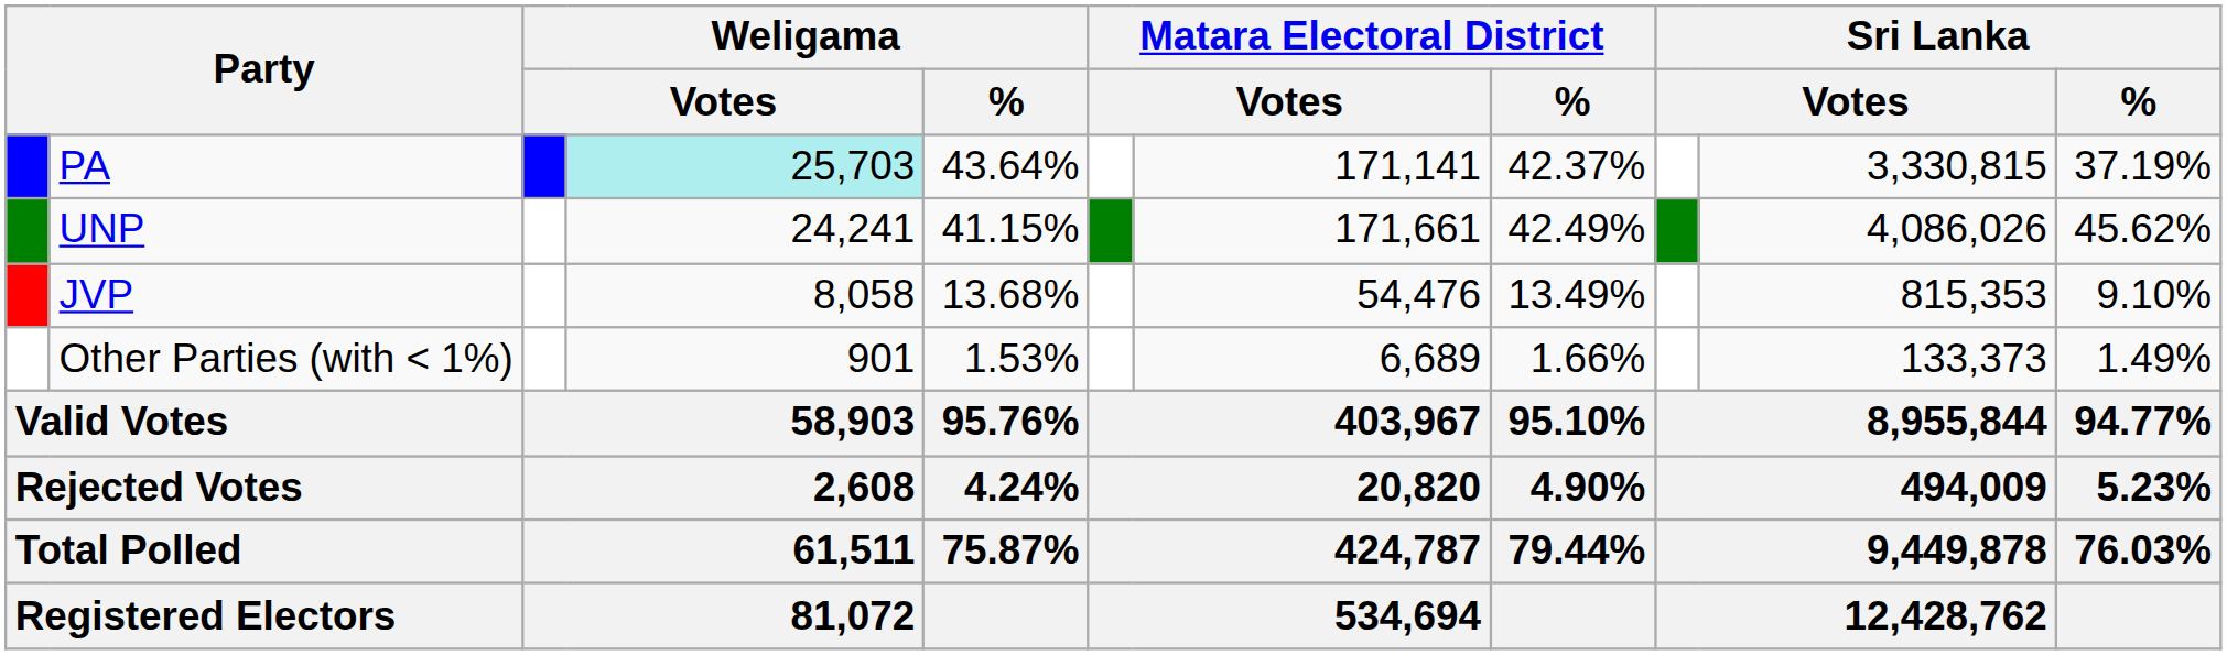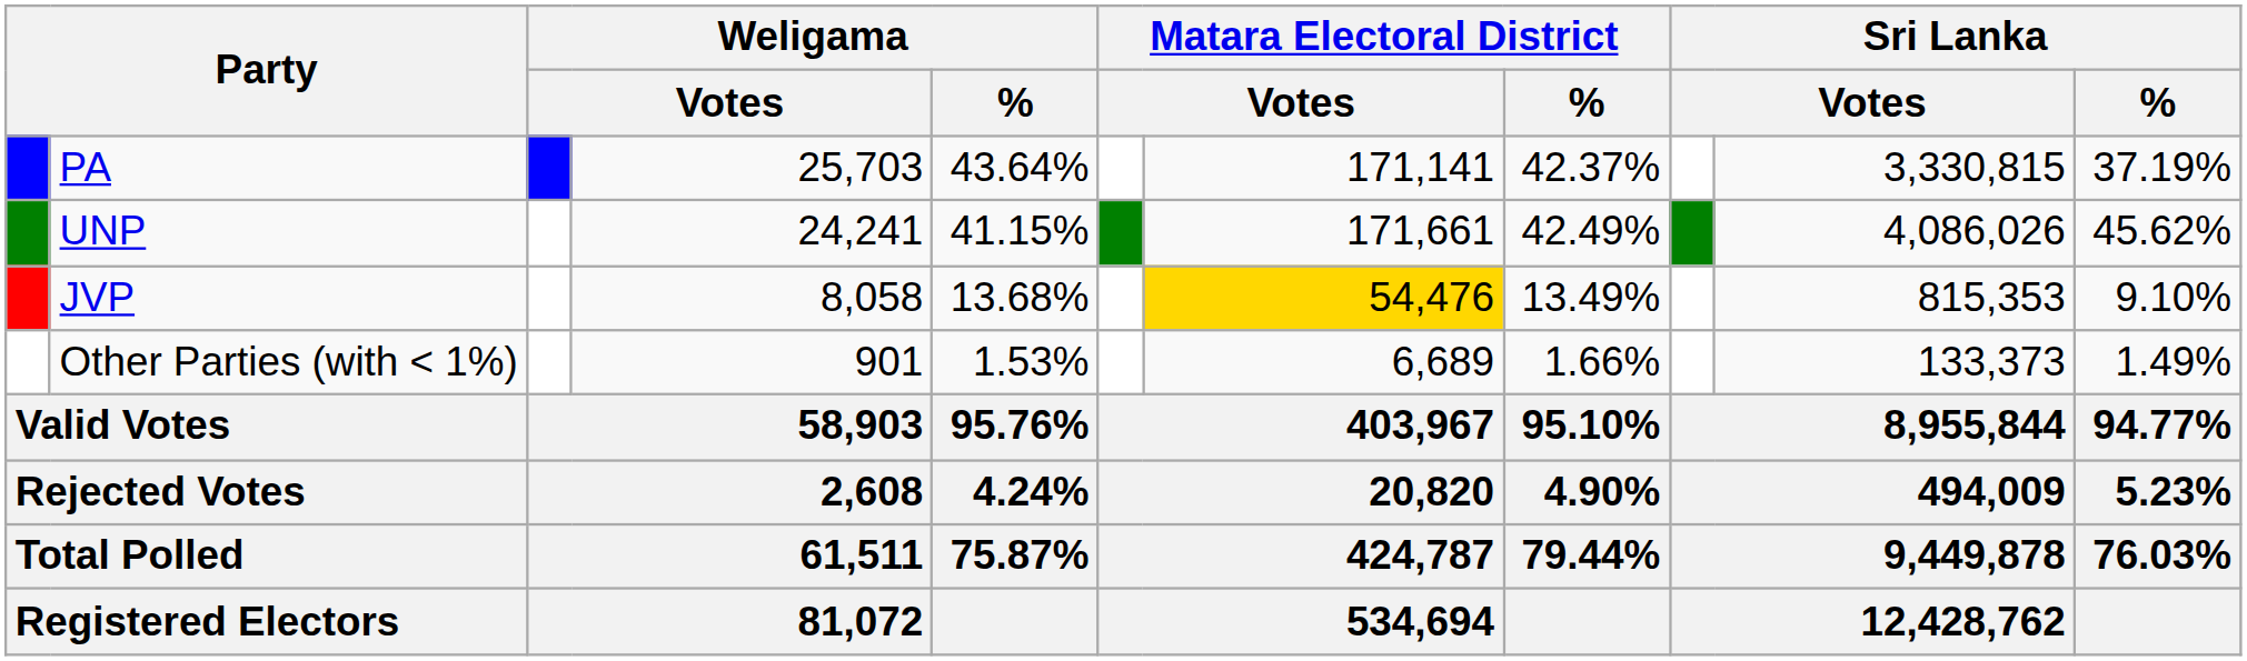 <table class="wikitable">
 <tr>
 <th colspan="2" width="144px"rowspan="2">Party</th>
 <th colspan="3" width="216px">Weligama</th>
 <th colspan="3" width="216px"><a href='#'>Matara Electoral District</a></th>
 <th colspan="3" width="216px">Sri Lanka</th>
 </tr>
 <tr>
 <th colspan="2" width="144px">Votes</th>
 <th>%</th>
 <th colspan="2" width="144px">Votes</th>
 <th>%</th>
 <th colspan="2" width="144px">Votes</th>
 <th>%</th>
 </tr>
 <tr>
 <td style="background-color:blue;" width="10px"></td>
 <td style="text-align:left;"><a href='#'>PA</a></td>
 <td style="background-color:blue;" width="10px"></td>
-<td style="background: paleturquoise; text-align:right;">25,703</td>
+<td style="text-align:right;">25,703</td>
 <td style="text-align:right;">43.64%</td>
 <td style="background-color:white;" width="10px"></td>
 <td style="text-align:right;">171,141</td>
 <td style="text-align:right;">42.37%</td>
 <td style="background-color:white;" width="10px"></td>
 <td style="text-align:right;">3,330,815</td>
 <td style="text-align:right;">37.19%</td>
 </tr>
 <tr>
 <td style="background-color:green;" width="10px"></td>
 <td style="text-align:left;"><a href='#'>UNP</a></td>
 <td style="background-color:white;" width="10px"></td>
 <td style="text-align:right;">24,241</td>
 <td style="text-align:right;">41.15%</td>
 <td style="background-color:green;" width="10px"></td>
 <td style="text-align:right;">171,661</td>
 <td style="text-align:right;">42.49%</td>
 <td style="background-color:green;" width="10px"></td>
 <td style="text-align:right;">4,086,026</td>
 <td style="text-align:right;">45.62%</td>
 </tr>
 <tr>
 <td style="background-color:red;" width="10px"></td>
 <td style="text-align:left;"><a href='#'>JVP</a></td>
 <td style="background-color:white;" width="10px"></td>
 <td style="text-align:right;">8,058</td>
 <td style="text-align:right;">13.68%</td>
 <td style="background-color:white;" width="10px"></td>
-<td style="text-align:right;">54,476</td>
+<td style="background: gold; text-align:right;">54,476</td>
 <td style="text-align:right;">13.49%</td>
 <td style="background-color:white;" width="10px"></td>
 <td style="text-align:right;">815,353</td>
 <td style="text-align:right;">9.10%</td>
 </tr>
 <tr>
 <td style="background-color:white;" width="10px"></td>
 <td style="text-align:left;">Other Parties (with < 1%)</td>
 <td style="background-color:white;" width="10px"></td>
 <td style="text-align:right;">901</td>
 <td style="text-align:right;">1.53%</td>
 <td style="background-color:white;" width="10px"></td>
 <td style="text-align:right;">6,689</td>
 <td style="text-align:right;">1.66%</td>
 <td style="background-color:white;" width="10px"></td>
 <td style="text-align:right;">133,373</td>
 <td style="text-align:right;">1.49%</td>
 </tr>
 <tr>
 <th colspan="2" width="144px"style="text-align:left;">Valid Votes</th>
 <th style="text-align:right;"colspan="2" width="144px">58,903</th>
 <th style="text-align:right;">95.76%</th>
 <th style="text-align:right;"colspan="2" width="144px">403,967</th>
 <th style="text-align:right;">95.10%</th>
 <th style="text-align:right;"colspan="2" width="144px">8,955,844</th>
 <th style="text-align:right;">94.77%</th>
 </tr>
 <tr>
 <th colspan="2" width="144px"style="text-align:left;">Rejected Votes</th>
 <th style="text-align:right;"colspan="2" width="144px">2,608</th>
 <th style="text-align:right;">4.24%</th>
 <th style="text-align:right;"colspan="2" width="144px">20,820</th>
 <th style="text-align:right;">4.90%</th>
 <th style="text-align:right;"colspan="2" width="144px">494,009</th>
 <th style="text-align:right;">5.23%</th>
 </tr>
 <tr>
 <th colspan="2" width="144px"style="text-align:left;">Total Polled</th>
 <th style="text-align:right;"colspan="2" width="144px">61,511</th>
 <th style="text-align:right;">75.87%</th>
 <th style="text-align:right;"colspan="2" width="144px">424,787</th>
 <th style="text-align:right;">79.44%</th>
 <th style="text-align:right;"colspan="2" width="144px">9,449,878</th>
 <th style="text-align:right;">76.03%</th>
 </tr>
 <tr>
 <th colspan="2" width="144px"style="text-align:left;">Registered Electors</th>
 <th style="text-align:right;"colspan="2" width="144px">81,072</th>
 <th></th>
 <th style="text-align:right;"colspan="2" width="144px">534,694</th>
 <th></th>
 <th style="text-align:right;"colspan="2" width="144px">12,428,762</th>
 <th></th>
 </tr>
 </table>
